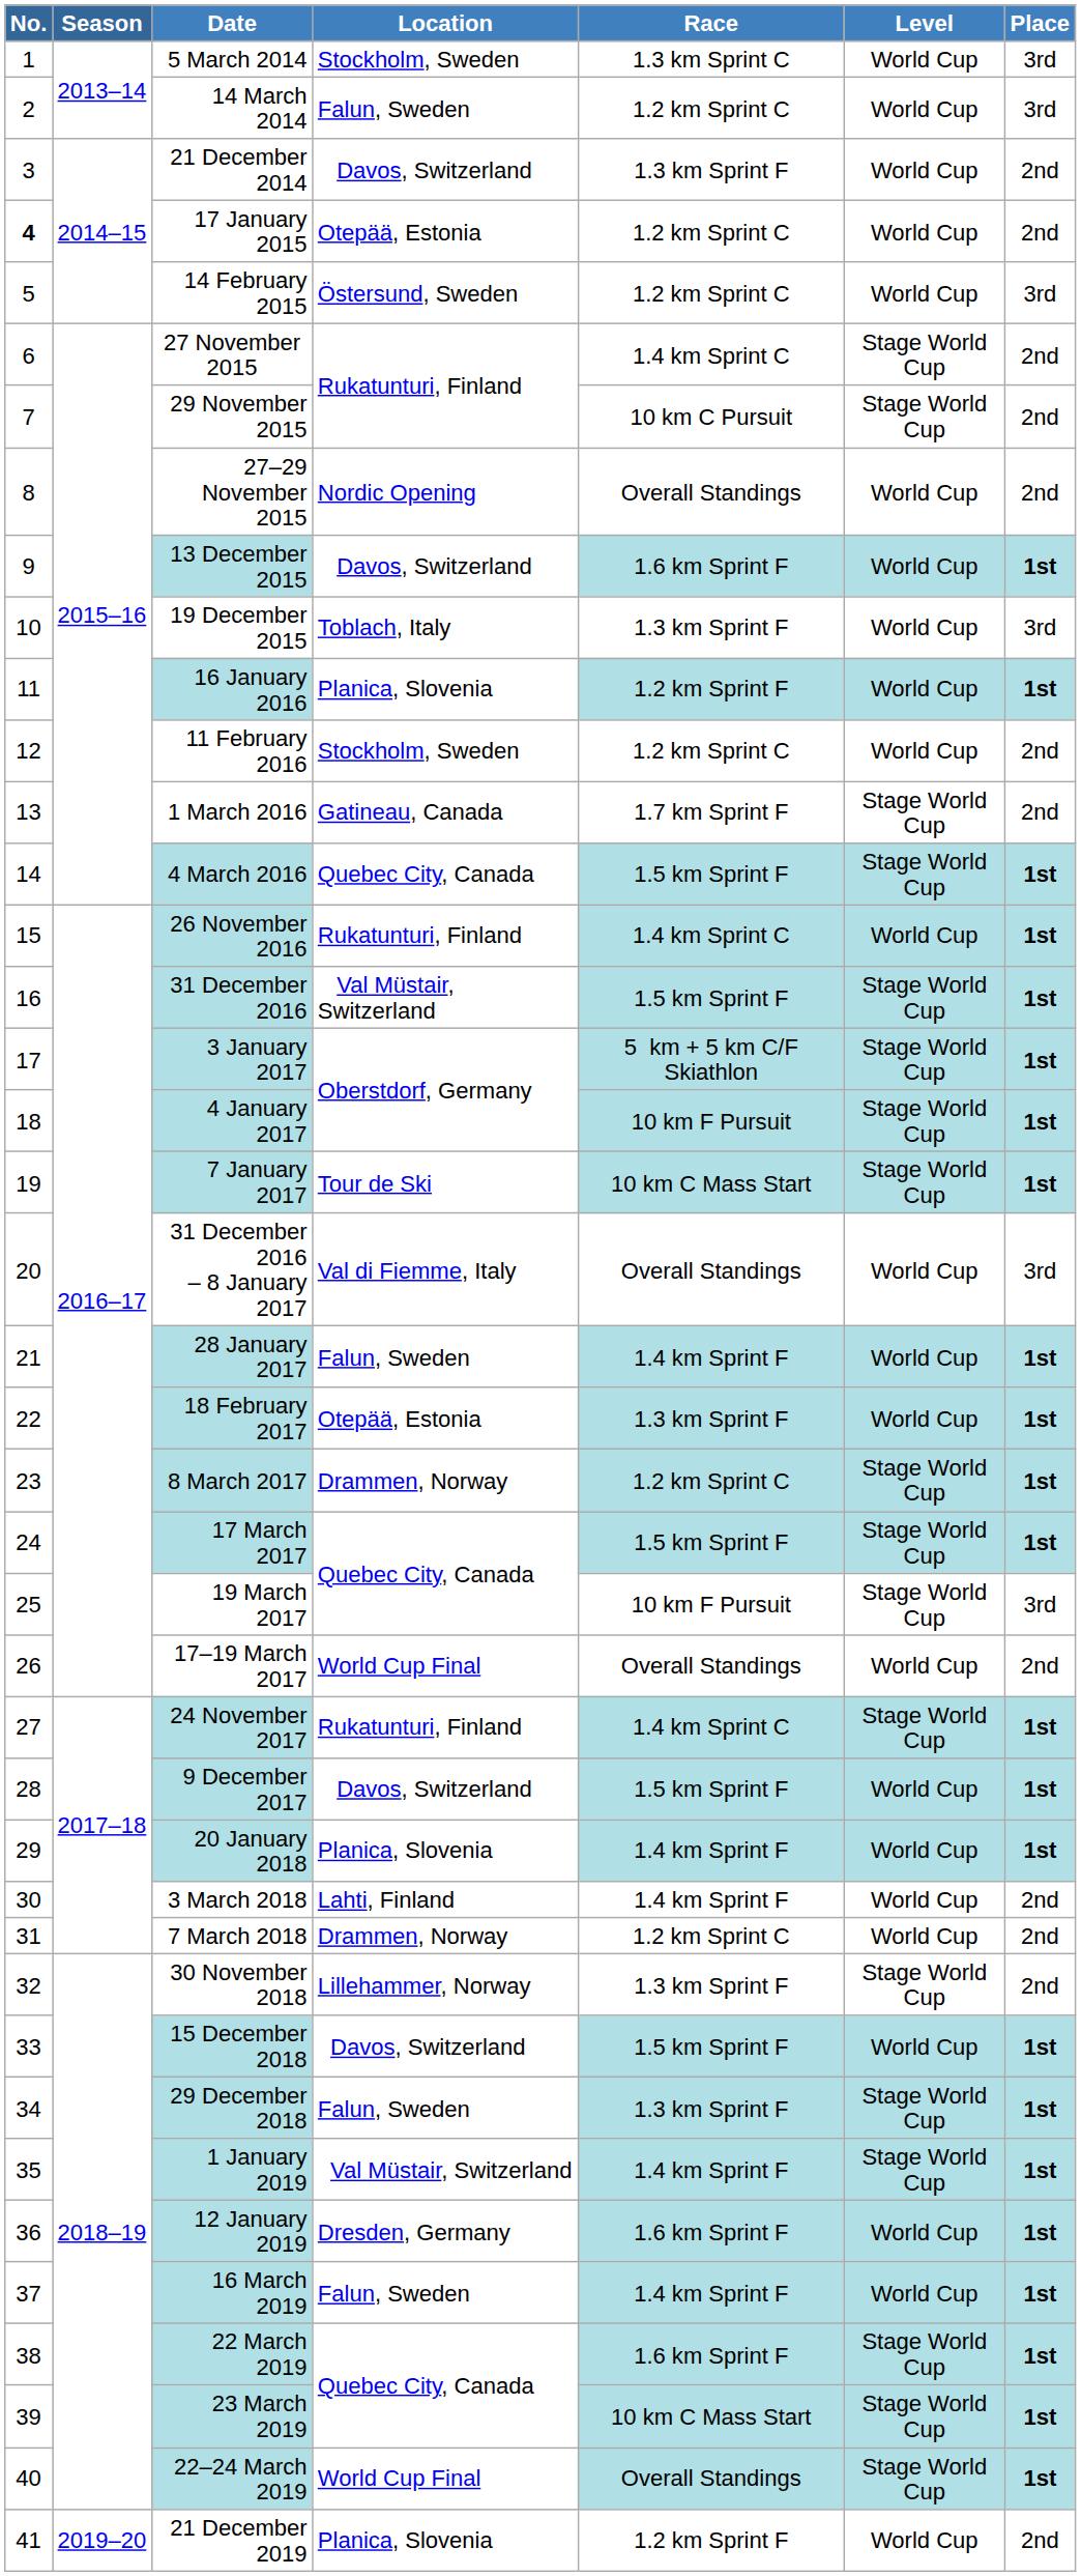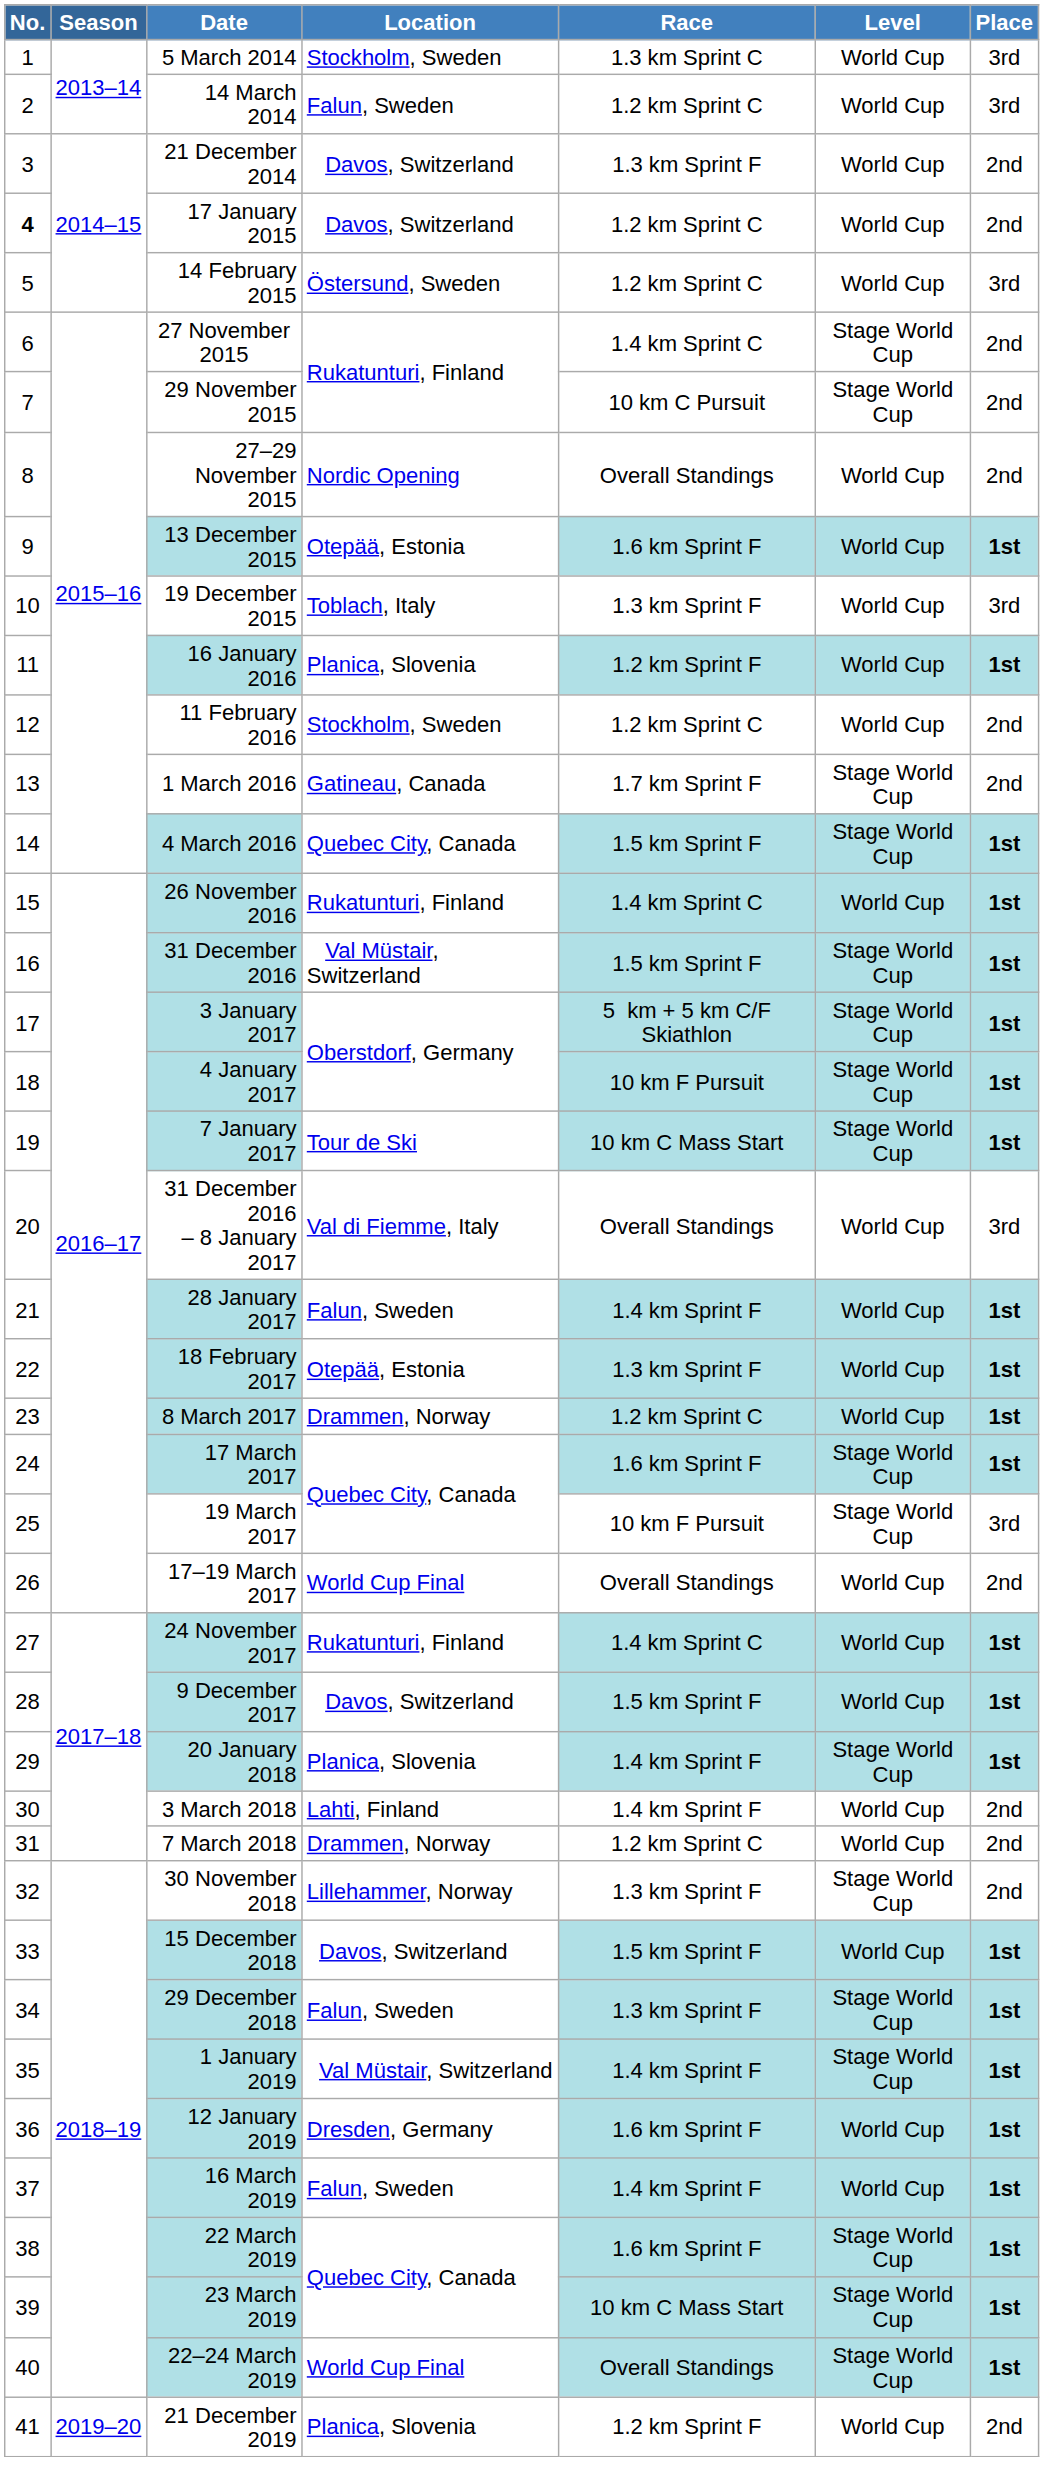 <table class="wikitable sortable" style="font-size:95%; text-align:center; border:grey solid 1px; border-collapse:collapse; background:#ffffff;">
 <tr style="background:#efefef;">
 <th style="background-color:#369; color:white;">No.</th>
 <th style="background-color:#369; color:white;">Season</th>
 <th style="background-color:#4180be; color:white; width:100px;">Date</th>
 <th style="background-color:#4180be; color:white; width:170px;">Location</th>
 <th style="background-color:#4180be; color:white; width:170px;">Race</th>
 <th style="background-color:#4180be; color:white; width:100px;">Level</th>
 <th style="background-color:#4180be; color:white;">Place</th>
 </tr>
 <tr>
 <td align=center>1</td>
 <td rowspan=2 align=center><a href='#'>2013–14</a></td>
 <td align=right>5 March 2014</td>
 <td align=left> <a href='#'>Stockholm</a>, Sweden</td>
 <td>1.3 km Sprint C</td>
 <td>World Cup</td>
 <td>3rd</td>
 </tr>
 <tr>
 <td align=center>2</td>
 <td align=right>14 March 2014</td>
 <td align=left> <a href='#'>Falun</a>, Sweden</td>
 <td>1.2 km Sprint C</td>
 <td>World Cup</td>
 <td>3rd</td>
 </tr>
 <tr>
 <td align=center>3</td>
 <td rowspan=3 align=center><a href='#'>2014–15</a></td>
 <td align=right>21 December 2014</td>
 <td align=left>   <a href='#'>Davos</a>, Switzerland</td>
 <td>1.3 km Sprint F</td>
 <td>World Cup</td>
 <td>2nd</td>
 </tr>
 <tr>
 <td align=center><strong>4</strong></td>
 <td align=right>17 January 2015</td>
-<td align=left> <a href='#'>Otepää</a>, Estonia</td>
+<td align=left>   <a href='#'>Davos</a>, Switzerland</td>
 <td>1.2 km Sprint C</td>
 <td>World Cup</td>
 <td>2nd</td>
 </tr>
 <tr>
 <td align=center>5</td>
 <td align=right>14 February 2015</td>
 <td align=left> <a href='#'>Östersund</a>, Sweden</td>
 <td>1.2 km Sprint C</td>
 <td>World Cup</td>
 <td>3rd</td>
 </tr>
 <tr>
 <td align=center>6</td>
 <td rowspan=9 align=center><a href='#'>2015–16</a></td>
 <td>27 November 2015</td>
 <td rowspan=2 align=left> <a href='#'>Rukatunturi</a>, Finland</td>
 <td>1.4 km Sprint C</td>
 <td>Stage World Cup</td>
 <td>2nd</td>
 </tr>
 <tr>
 <td align=center>7</td>
 <td align=right>29 November 2015</td>
 <td>10 km C Pursuit</td>
 <td>Stage World Cup</td>
 <td>2nd</td>
 </tr>
 <tr>
 <td align=center>8</td>
 <td align=right>27–29 November 2015</td>
 <td align=left> <a href='#'>Nordic Opening</a></td>
 <td>Overall Standings</td>
 <td>World Cup</td>
 <td>2nd</td>
 </tr>
 <tr>
 <td align=center>9</td>
 <td bgcolor="#BOEOE6" align=right>13 December 2015</td>
-<td align=left>   <a href='#'>Davos</a>, Switzerland</td>
+<td align=left> <a href='#'>Otepää</a>, Estonia</td>
 <td bgcolor="#BOEOE6">1.6 km Sprint F</td>
 <td bgcolor="#BOEOE6">World Cup</td>
 <td bgcolor="#BOEOE6"><strong>1st</strong></td>
 </tr>
 <tr>
 <td align=center>10</td>
 <td align=right>19 December 2015</td>
 <td align=left> <a href='#'>Toblach</a>, Italy</td>
 <td>1.3 km Sprint F</td>
 <td>World Cup</td>
 <td>3rd</td>
 </tr>
 <tr>
 <td align=center>11</td>
 <td bgcolor="#BOEOE6" align=right>16 January 2016</td>
 <td align=left> <a href='#'>Planica</a>, Slovenia</td>
 <td bgcolor="#BOEOE6">1.2 km Sprint F</td>
 <td bgcolor="#BOEOE6">World Cup</td>
 <td bgcolor="#BOEOE6"><strong>1st</strong></td>
 </tr>
 <tr>
 <td align=center>12</td>
 <td align=right>11 February 2016</td>
 <td align=left> <a href='#'>Stockholm</a>, Sweden</td>
 <td>1.2 km Sprint C</td>
 <td>World Cup</td>
 <td>2nd</td>
 </tr>
 <tr>
 <td align=center>13</td>
 <td align=right>1 March 2016</td>
 <td align=left> <a href='#'>Gatineau</a>, Canada</td>
 <td>1.7 km Sprint F</td>
 <td>Stage World Cup</td>
 <td>2nd</td>
 </tr>
 <tr>
 <td align=center>14</td>
 <td bgcolor="#BOEOE6" align=right>4 March 2016</td>
 <td align=left> <a href='#'>Quebec City</a>, Canada</td>
 <td bgcolor="#BOEOE6">1.5 km Sprint F</td>
 <td bgcolor="#BOEOE6">Stage World Cup</td>
 <td bgcolor="#BOEOE6"><strong>1st</strong></td>
 </tr>
 <tr>
 <td align=center>15</td>
 <td rowspan=12 align=center><a href='#'>2016–17</a></td>
 <td bgcolor="#BOEOE6" align=right>26 November 2016</td>
 <td align=left> <a href='#'>Rukatunturi</a>, Finland</td>
 <td bgcolor="#BOEOE6">1.4 km Sprint C</td>
 <td bgcolor="#BOEOE6">World Cup</td>
 <td bgcolor="#BOEOE6"><strong>1st</strong></td>
 </tr>
 <tr>
 <td align=center>16</td>
 <td bgcolor="#BOEOE6" align=right>31 December 2016</td>
 <td align=left>   <a href='#'>Val Müstair</a>, Switzerland</td>
 <td bgcolor="#BOEOE6">1.5 km Sprint F</td>
 <td bgcolor="#BOEOE6">Stage World Cup</td>
 <td bgcolor="#BOEOE6"><strong>1st</strong></td>
 </tr>
 <tr>
 <td align=center>17</td>
 <td bgcolor="#BOEOE6" align=right>3 January 2017</td>
 <td rowspan=2 align=left> <a href='#'>Oberstdorf</a>, Germany</td>
 <td bgcolor="#BOEOE6">5  km + 5 km C/F Skiathlon</td>
 <td bgcolor="#BOEOE6">Stage World Cup</td>
 <td bgcolor="#BOEOE6"><strong>1st</strong></td>
 </tr>
 <tr>
 <td align=center>18</td>
 <td bgcolor="#BOEOE6" align=right>4 January 2017</td>
 <td bgcolor="#BOEOE6">10 km F Pursuit</td>
 <td bgcolor="#BOEOE6">Stage World Cup</td>
 <td bgcolor="#BOEOE6"><strong>1st</strong></td>
 </tr>
 <tr>
 <td align=center>19</td>
 <td bgcolor="#BOEOE6" align=right>7 January 2017</td>
 <td align=left> <a href='#'>Tour de Ski</a></td>
 <td bgcolor="#BOEOE6">10 km C Mass Start</td>
 <td bgcolor="#BOEOE6">Stage World Cup</td>
 <td bgcolor="#BOEOE6"><strong>1st</strong></td>
 </tr>
 <tr>
 <td align=center>20</td>
 <td align=right>31 December 2016<br>– 8 January 2017</td>
 <td align=left> <a href='#'>Val di Fiemme</a>, Italy</td>
 <td>Overall Standings</td>
 <td>World Cup</td>
 <td>3rd</td>
 </tr>
 <tr>
 <td align=center>21</td>
 <td bgcolor="#BOEOE6" align=right>28 January 2017</td>
 <td align=left> <a href='#'>Falun</a>, Sweden</td>
 <td bgcolor="#BOEOE6">1.4 km Sprint F</td>
 <td bgcolor="#BOEOE6">World Cup</td>
 <td bgcolor="#BOEOE6"><strong>1st</strong></td>
 </tr>
 <tr>
 <td align=center>22</td>
 <td bgcolor="#BOEOE6" align=right>18 February 2017</td>
 <td align=left> <a href='#'>Otepää</a>, Estonia</td>
 <td bgcolor="#BOEOE6">1.3 km Sprint F</td>
 <td bgcolor="#BOEOE6">World Cup</td>
 <td bgcolor="#BOEOE6"><strong>1st</strong></td>
 </tr>
 <tr>
 <td align=center>23</td>
 <td bgcolor="#BOEOE6" align=right>8 March 2017</td>
 <td align=left> <a href='#'>Drammen</a>, Norway</td>
 <td bgcolor="#BOEOE6">1.2 km Sprint C</td>
-<td bgcolor="#BOEOE6">Stage World Cup</td>
+<td bgcolor="#BOEOE6">World Cup</td>
 <td bgcolor="#BOEOE6"><strong>1st</strong></td>
 </tr>
 <tr>
 <td align=center>24</td>
 <td bgcolor="#BOEOE6" align=right>17 March 2017</td>
 <td rowspan=2 align=left> <a href='#'>Quebec City</a>, Canada</td>
-<td bgcolor="#BOEOE6">1.5 km Sprint F</td>
+<td bgcolor="#BOEOE6">1.6 km Sprint F</td>
 <td bgcolor="#BOEOE6">Stage World Cup</td>
 <td bgcolor="#BOEOE6"><strong>1st</strong></td>
 </tr>
 <tr>
 <td align=center>25</td>
 <td align=right>19 March 2017</td>
 <td>10 km F Pursuit</td>
 <td>Stage World Cup</td>
 <td>3rd</td>
 </tr>
 <tr>
 <td align=center>26</td>
 <td align=right>17–19 March 2017</td>
 <td align=left> <a href='#'>World Cup Final</a></td>
 <td>Overall Standings</td>
 <td>World Cup</td>
 <td>2nd</td>
 </tr>
 <tr>
 <td align=center>27</td>
 <td rowspan=5 align=center><a href='#'>2017–18</a></td>
 <td bgcolor="#BOEOE6" align=right>24 November 2017</td>
 <td align=left> <a href='#'>Rukatunturi</a>, Finland</td>
 <td bgcolor="#BOEOE6">1.4 km Sprint C</td>
-<td bgcolor="#BOEOE6">Stage World Cup</td>
+<td bgcolor="#BOEOE6">World Cup</td>
 <td bgcolor="#BOEOE6"><strong>1st</strong></td>
 </tr>
 <tr>
 <td align=center>28</td>
 <td bgcolor="#BOEOE6" align=right>9 December 2017</td>
 <td align=left>   <a href='#'>Davos</a>, Switzerland</td>
 <td bgcolor="#BOEOE6">1.5 km Sprint F</td>
 <td bgcolor="#BOEOE6">World Cup</td>
 <td bgcolor="#BOEOE6"><strong>1st</strong></td>
 </tr>
 <tr>
 <td align=center>29</td>
 <td bgcolor="#BOEOE6" align=right>20 January 2018</td>
 <td align=left> <a href='#'>Planica</a>, Slovenia</td>
 <td bgcolor="#BOEOE6">1.4 km Sprint F</td>
-<td bgcolor="#BOEOE6">World Cup</td>
+<td bgcolor="#BOEOE6">Stage World Cup</td>
 <td bgcolor="#BOEOE6"><strong>1st</strong></td>
 </tr>
 <tr>
 <td align=center>30</td>
 <td align=right>3 March 2018</td>
 <td align=left> <a href='#'>Lahti</a>, Finland</td>
 <td>1.4 km Sprint F</td>
 <td>World Cup</td>
 <td>2nd</td>
 </tr>
 <tr>
 <td align=center>31</td>
 <td align=right>7 March 2018</td>
 <td align=left> <a href='#'>Drammen</a>, Norway</td>
 <td>1.2 km Sprint C</td>
 <td>World Cup</td>
 <td>2nd</td>
 </tr>
 <tr>
 <td align=center>32</td>
 <td rowspan=9 align=center><a href='#'>2018–19</a></td>
 <td align=right>30 November 2018</td>
 <td align=left> <a href='#'>Lillehammer</a>, Norway</td>
 <td>1.3 km Sprint F</td>
 <td>Stage World Cup</td>
 <td>2nd</td>
 </tr>
 <tr>
 <td align=center>33</td>
 <td bgcolor="#BOEOE6" align=right>15 December 2018</td>
 <td align=left>  <a href='#'>Davos</a>, Switzerland</td>
 <td bgcolor="#BOEOE6">1.5 km Sprint F</td>
 <td bgcolor="#BOEOE6">World Cup</td>
 <td bgcolor="#BOEOE6"><strong>1st</strong></td>
 </tr>
 <tr>
 <td align=center>34</td>
 <td bgcolor="#BOEOE6" align=right>29 December 2018</td>
 <td align=left> <a href='#'>Falun</a>, Sweden</td>
 <td bgcolor="#BOEOE6">1.3 km Sprint F</td>
 <td bgcolor="#BOEOE6">Stage World Cup</td>
 <td bgcolor="#BOEOE6"><strong>1st</strong></td>
 </tr>
 <tr>
 <td align=center>35</td>
 <td bgcolor="#BOEOE6" align=right>1 January 2019</td>
 <td align=left>  <a href='#'>Val Müstair</a>, Switzerland</td>
 <td bgcolor="#BOEOE6">1.4 km Sprint F</td>
 <td bgcolor="#BOEOE6">Stage World Cup</td>
 <td bgcolor="#BOEOE6"><strong>1st</strong></td>
 </tr>
 <tr>
 <td align=center>36</td>
 <td bgcolor="#BOEOE6" align=right>12 January 2019</td>
 <td align=left> <a href='#'>Dresden</a>, Germany</td>
 <td bgcolor="#BOEOE6">1.6 km Sprint F</td>
 <td bgcolor="#BOEOE6">World Cup</td>
 <td bgcolor="#BOEOE6"><strong>1st</strong></td>
 </tr>
 <tr>
 <td align=center>37</td>
 <td bgcolor="#BOEOE6" align=right>16 March 2019</td>
 <td align=left> <a href='#'>Falun</a>, Sweden</td>
 <td bgcolor="#BOEOE6">1.4 km Sprint F</td>
 <td bgcolor="#BOEOE6">World Cup</td>
 <td bgcolor="#BOEOE6"><strong>1st</strong></td>
 </tr>
 <tr>
 <td align=center>38</td>
 <td bgcolor="#BOEOE6" align=right>22 March 2019</td>
 <td rowspan=2 align=left> <a href='#'>Quebec City</a>, Canada</td>
 <td bgcolor="#BOEOE6">1.6 km Sprint F</td>
 <td bgcolor="#BOEOE6">Stage World Cup</td>
 <td bgcolor="#BOEOE6"><strong>1st</strong></td>
 </tr>
 <tr>
 <td align=center>39</td>
 <td bgcolor="#BOEOE6" align=right>23 March 2019</td>
 <td bgcolor="#BOEOE6">10 km C Mass Start</td>
 <td bgcolor="#BOEOE6">Stage World Cup</td>
 <td bgcolor="#BOEOE6"><strong>1st</strong></td>
 </tr>
 <tr>
 <td align=center>40</td>
 <td bgcolor="#BOEOE6" align=right>22–24 March 2019</td>
 <td align=left> <a href='#'>World Cup Final</a></td>
 <td bgcolor="#BOEOE6">Overall Standings</td>
 <td bgcolor="#BOEOE6">Stage World Cup</td>
 <td bgcolor="#BOEOE6"><strong>1st</strong></td>
 </tr>
 <tr>
 <td align=center>41</td>
 <td rowspan=1 align=center><a href='#'>2019–20</a></td>
 <td align=right>21 December 2019</td>
 <td align=left> <a href='#'>Planica</a>, Slovenia</td>
 <td>1.2 km Sprint F</td>
 <td>World Cup</td>
 <td>2nd</td>
 </tr>
 </table>
